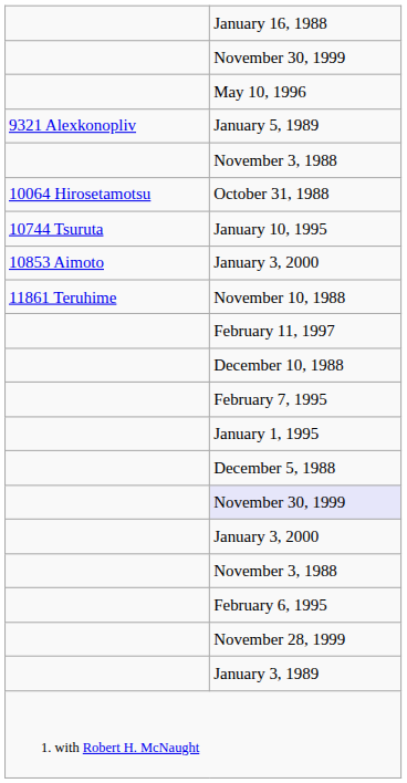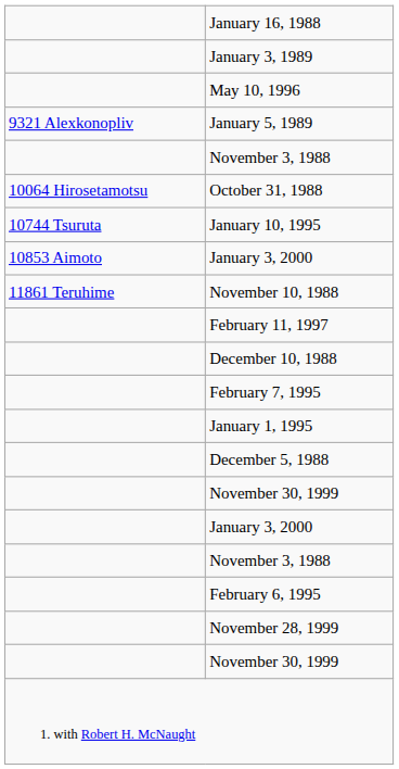 <table class="wikitable" style="font-size: 89%; float: left; width: 24em; margin-right: 1em; line-height: 1.6em !important;">
 <tr>
 <td></td>
 <td>January 16, 1988</td>
 </tr>
 <tr>
 <td></td>
-<td>November 30, 1999</td>
+<td>January 3, 1989</td>
 </tr>
 <tr>
 <td></td>
 <td>May 10, 1996</td>
 </tr>
 <tr>
 <td><a href='#'>9321 Alexkonopliv</a></td>
 <td>January 5, 1989</td>
 </tr>
 <tr>
 <td></td>
 <td>November 3, 1988</td>
 </tr>
 <tr>
 <td><a href='#'>10064 Hirosetamotsu</a></td>
 <td>October 31, 1988</td>
 </tr>
 <tr>
 <td><a href='#'>10744 Tsuruta</a></td>
 <td>January 10, 1995</td>
 </tr>
 <tr>
 <td><a href='#'>10853 Aimoto</a></td>
 <td>January 3, 2000</td>
 </tr>
 <tr>
 <td><a href='#'>11861 Teruhime</a></td>
 <td>November 10, 1988</td>
 </tr>
 <tr>
 <td></td>
 <td>February 11, 1997</td>
 </tr>
 <tr>
 <td></td>
 <td>December 10, 1988</td>
 </tr>
 <tr>
 <td></td>
 <td>February 7, 1995</td>
 </tr>
 <tr>
 <td></td>
 <td>January 1, 1995</td>
 </tr>
 <tr>
 <td></td>
 <td>December 5, 1988</td>
 </tr>
 <tr>
 <td></td>
-<td style="background: lavender;">November 30, 1999</td>
+<td>November 30, 1999</td>
 </tr>
 <tr>
 <td></td>
 <td>January 3, 2000</td>
 </tr>
 <tr>
 <td></td>
 <td>November 3, 1988</td>
 </tr>
 <tr>
 <td></td>
 <td>February 6, 1995</td>
 </tr>
 <tr>
 <td></td>
 <td>November 28, 1999</td>
 </tr>
 <tr>
 <td></td>
-<td>January 3, 1989</td>
+<td>November 30, 1999</td>
 </tr>
 <tr>
 <td colspan=2 style="font-size: smaller;"><br><ol><li> with <a href='#'>Robert H. McNaught</a></li></ol></td>
 </tr>
 </table>
